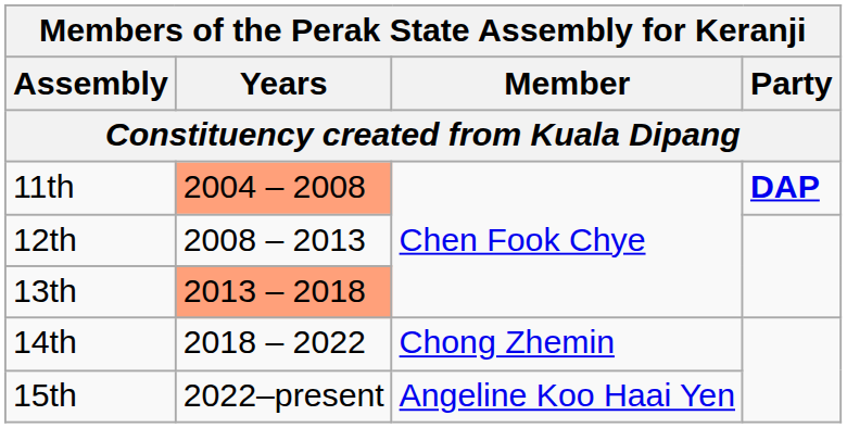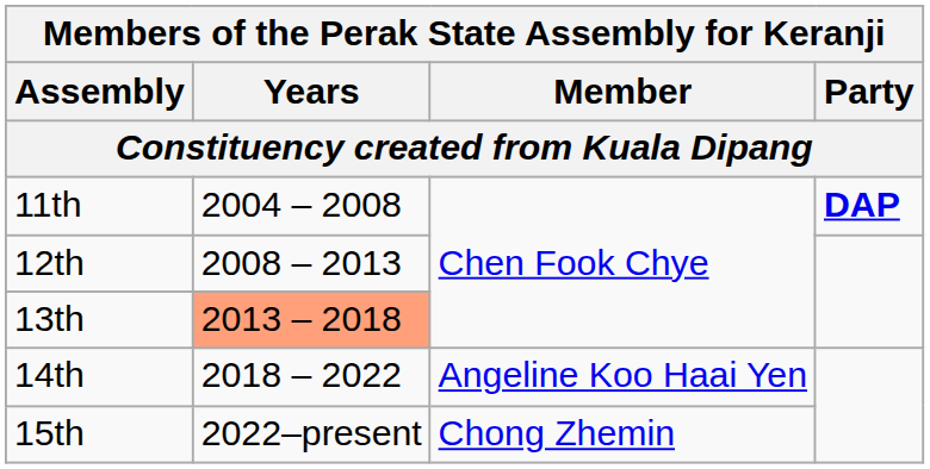 <table class="wikitable">
 <tr>
 <th colspan="4">Members of the Perak State Assembly for Keranji</th>
 </tr>
 <tr>
 <th>Assembly</th>
 <th>Years</th>
 <th>Member</th>
 <th>Party</th>
 </tr>
 <tr>
 <th colspan="4"><em>Constituency created from Kuala Dipang</em></th>
 </tr>
 <tr>
 <td>11th</td>
-<td style="background: lightsalmon;">2004 – 2008</td>
+<td>2004 – 2008</td>
 <td rowspan="3"><a href='#'>Chen Fook Chye</a></td>
 <td><strong><a href='#'>DAP</a></strong></td>
 </tr>
 <tr>
 <td>12th</td>
 <td>2008 – 2013</td>
 <td rowspan=2></td>
 </tr>
 <tr>
 <td>13th</td>
 <td style="background: lightsalmon;">2013 – 2018</td>
 </tr>
 <tr>
 <td>14th</td>
 <td>2018 – 2022</td>
-<td><a href='#'>Chong Zhemin</a></td>
+<td><a href='#'>Angeline Koo Haai Yen</a></td>
 <td rowspan="2"></td>
 </tr>
 <tr>
 <td>15th</td>
 <td>2022–present</td>
-<td><a href='#'>Angeline Koo Haai Yen</a></td>
+<td><a href='#'>Chong Zhemin</a></td>
 </tr>
 </table>
